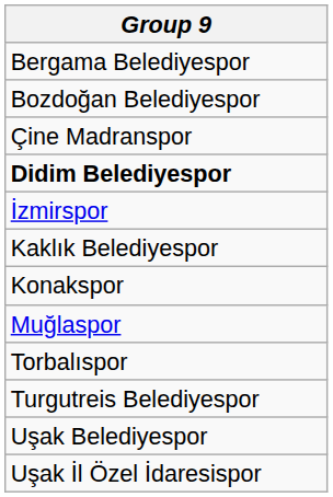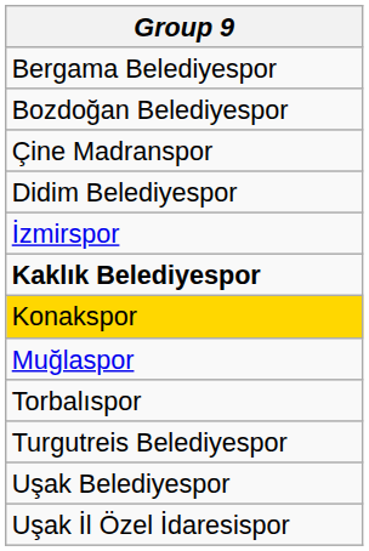 <table class="wikitable collapsible collapsed" style="font-size:95%;">
 <tr>
 <th colspan="1" width="200"><em>Group 9</em></th>
 </tr>
 <tr>
 <td>Bergama Belediyespor</td>
 </tr>
 <tr>
 <td>Bozdoğan Belediyespor</td>
 </tr>
 <tr>
 <td>Çine Madranspor</td>
 </tr>
 <tr>
-<td><strong>Didim Belediyespor</strong></td>
+<td>Didim Belediyespor</td>
 </tr>
 <tr>
 <td><a href='#'>İzmirspor</a></td>
 </tr>
 <tr>
-<td>Kaklık Belediyespor</td>
+<td><strong>Kaklık Belediyespor</strong></td>
 </tr>
 <tr>
-<td>Konakspor</td>
+<td style="background: gold;">Konakspor</td>
 </tr>
 <tr>
 <td><a href='#'>Muğlaspor</a></td>
 </tr>
 <tr>
 <td>Torbalıspor</td>
 </tr>
 <tr>
 <td>Turgutreis Belediyespor</td>
 </tr>
 <tr>
 <td>Uşak Belediyespor</td>
 </tr>
 <tr>
 <td>Uşak İl Özel İdaresispor</td>
 </tr>
 </table>
